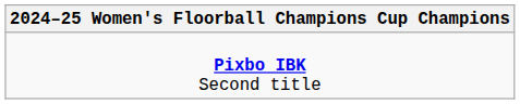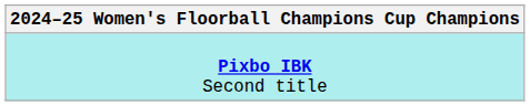 <table class=wikitable style="text-align:center; margin:auto">
 <tr>
 <th>2024–25 Women's Floorball Champions Cup Champions</th>
 </tr>
 <tr>
-<td> <br><strong><a href='#'>Pixbo IBK</a></strong><br> Second title</td>
+<td style="background: paleturquoise;"> <br><strong><a href='#'>Pixbo IBK</a></strong><br> Second title</td>
 </tr>
 </table>
